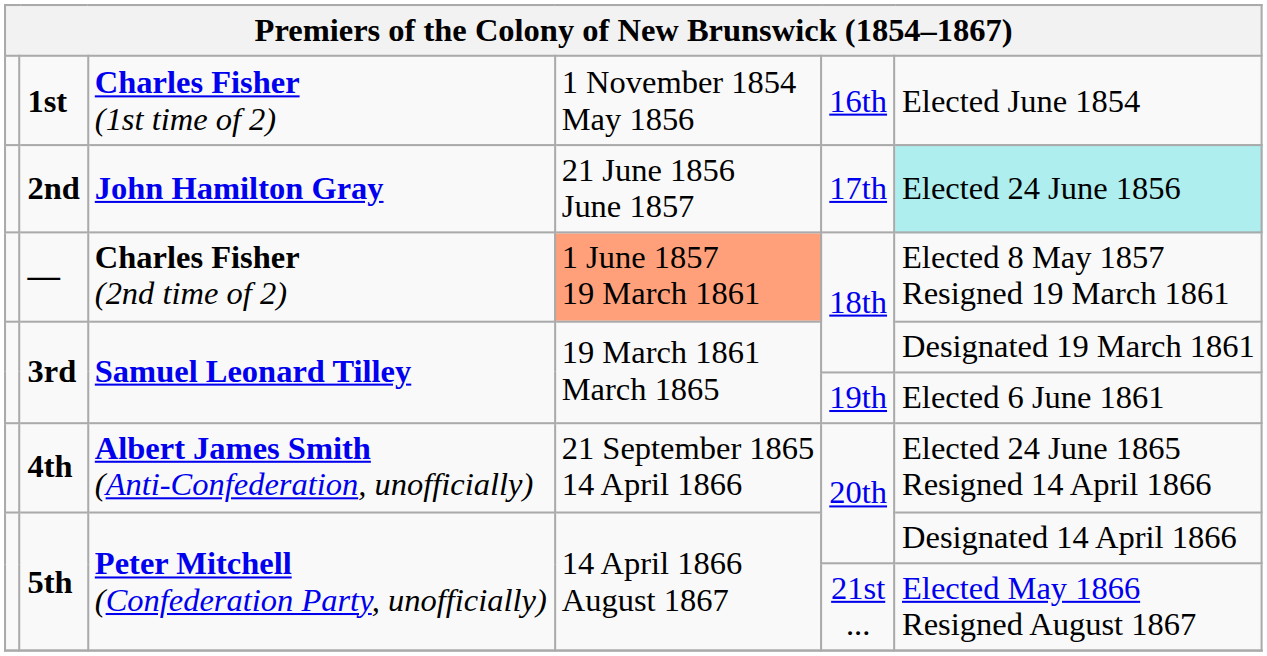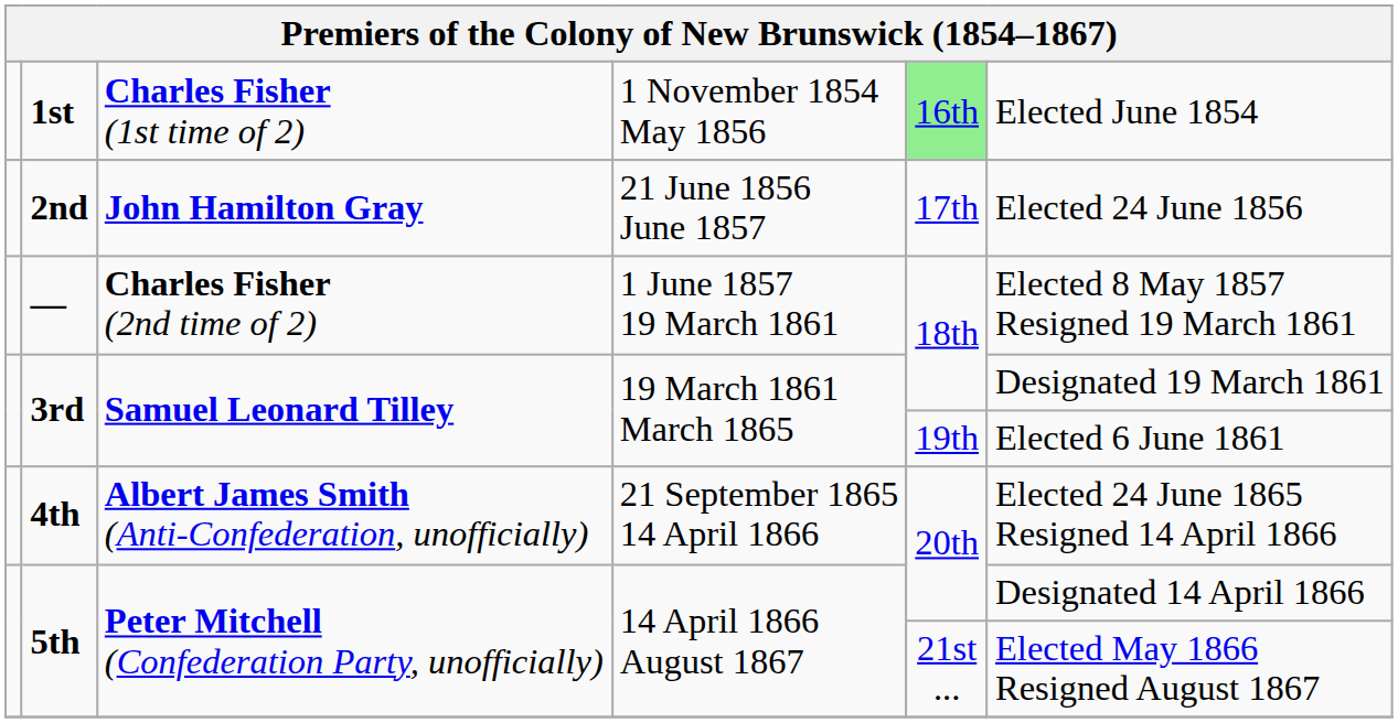 <table class="wikitable">
 <tr>
 <th colspan=7>Premiers of the Colony of New Brunswick (1854–1867)</th>
 </tr>
 <tr>
 <td></td>
 <td><strong>1st</strong></td>
 <td><strong><a href='#'>Charles Fisher</a></strong><br><em>(1st time of 2)</em></td>
 <td>1 November 1854<br>May 1856</td>
-<td align="center"><a href='#'>16th</a></td>
+<td align="center" style="background: lightgreen;"><a href='#'>16th</a></td>
 <td>Elected June 1854</td>
 </tr>
 <tr>
 <td></td>
 <td><strong>2nd</strong></td>
 <td><strong><a href='#'>John Hamilton Gray</a></strong></td>
 <td>21 June 1856<br>June 1857</td>
 <td align="center"><a href='#'>17th</a></td>
-<td style="background: paleturquoise;">Elected 24 June 1856</td>
+<td>Elected 24 June 1856</td>
 </tr>
 <tr>
 <td></td>
 <td><strong>—</strong></td>
 <td><strong>Charles Fisher</strong><br><em>(2nd time of 2)</em></td>
-<td style="background: lightsalmon;">1 June 1857<br>19 March 1861</td>
+<td>1 June 1857<br>19 March 1861</td>
 <td rowspan=2 align="center"><a href='#'>18th</a></td>
 <td>Elected 8 May 1857<br>Resigned 19 March 1861</td>
 </tr>
 <tr>
 <td rowspan=2></td>
 <td rowspan=2 ><strong>3rd</strong></td>
 <td rowspan=2><strong><a href='#'>Samuel Leonard Tilley</a></strong></td>
 <td rowspan=2>19 March 1861<br>March 1865</td>
 <td>Designated 19 March 1861</td>
 </tr>
 <tr>
 <td align="center"><a href='#'>19th</a></td>
 <td>Elected 6 June 1861</td>
 </tr>
 <tr>
 <td></td>
 <td><strong>4th</strong></td>
 <td><strong><a href='#'>Albert James Smith</a></strong><br><em>(<a href='#'>Anti-Confederation</a>, unofficially)</em></td>
 <td>21 September 1865<br>14 April 1866</td>
 <td rowspan=2 align="center"><a href='#'>20th</a></td>
 <td>Elected 24 June 1865<br>Resigned 14 April 1866</td>
 </tr>
 <tr>
 <td rowspan=2></td>
 <td rowspan=2 ><strong>5th</strong></td>
 <td rowspan=2><strong><a href='#'>Peter Mitchell</a></strong><br><em>(<a href='#'>Confederation Party</a>, unofficially)</em></td>
 <td rowspan=2>14 April 1866<br>August 1867</td>
 <td>Designated 14 April 1866</td>
 </tr>
 <tr>
 <td align="center"><a href='#'>21st</a><br>...</td>
 <td><a href='#'>Elected May 1866</a><br>Resigned August 1867</td>
 </tr>
 <tr>
 </tr>
 </table>
